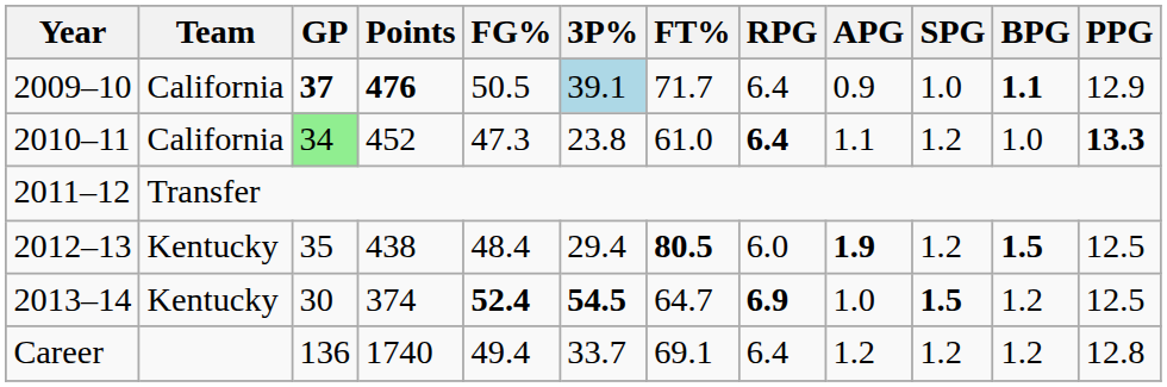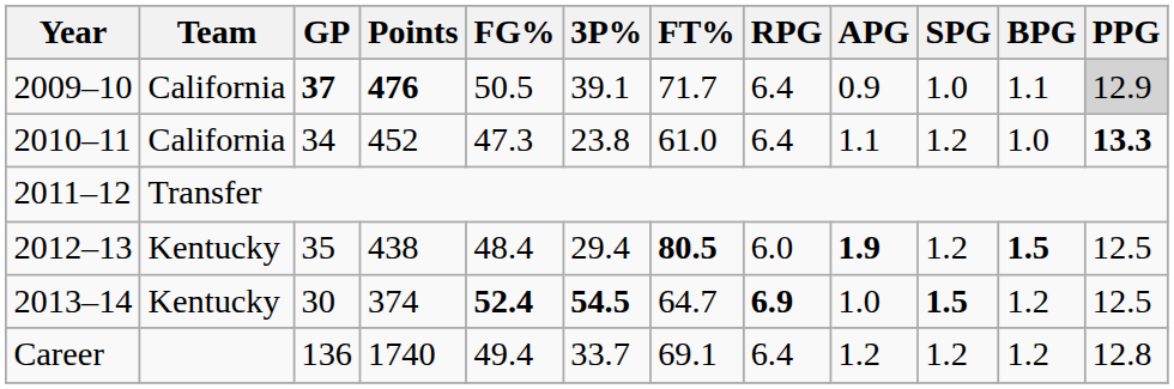 <table class="wikitable">
 <tr>
 <th>Year</th>
 <th>Team</th>
 <th>GP</th>
 <th>Points</th>
 <th>FG%</th>
 <th>3P%</th>
 <th>FT%</th>
 <th>RPG</th>
 <th>APG</th>
 <th>SPG</th>
 <th>BPG</th>
 <th>PPG</th>
 </tr>
 <tr>
 <td>2009–10</td>
 <td>California</td>
 <td><strong>37</strong></td>
 <td><strong>476</strong></td>
 <td>50.5</td>
-<td style="background: lightblue;">39.1</td>
+<td>39.1</td>
 <td>71.7</td>
 <td>6.4</td>
 <td>0.9</td>
 <td>1.0</td>
-<td><strong>1.1</strong></td>
-<td>12.9</td>
+<td>1.1</td>
+<td style="background: lightgrey;">12.9</td>
 </tr>
 <tr>
 <td>2010–11</td>
 <td>California</td>
-<td style="background: lightgreen;">34</td>
+<td>34</td>
 <td>452</td>
 <td>47.3</td>
 <td>23.8</td>
 <td>61.0</td>
-<td><strong>6.4</strong></td>
+<td>6.4</td>
 <td>1.1</td>
 <td>1.2</td>
 <td>1.0</td>
 <td><strong>13.3</strong></td>
 </tr>
 <tr>
 <td>2011–12</td>
 <td colspan="11">Transfer</td>
 </tr>
 <tr>
 <td>2012–13</td>
 <td>Kentucky</td>
 <td>35</td>
 <td>438</td>
 <td>48.4</td>
 <td>29.4</td>
 <td><strong>80.5</strong></td>
 <td>6.0</td>
 <td><strong>1.9</strong></td>
 <td>1.2</td>
 <td><strong>1.5</strong></td>
 <td>12.5</td>
 </tr>
 <tr>
 <td>2013–14</td>
 <td>Kentucky</td>
 <td>30</td>
 <td>374</td>
 <td><strong>52.4</strong></td>
 <td><strong>54.5</strong></td>
 <td>64.7</td>
 <td><strong>6.9</strong></td>
 <td>1.0</td>
 <td><strong>1.5</strong></td>
 <td>1.2</td>
 <td>12.5</td>
 </tr>
 <tr>
 <td>Career</td>
 <td></td>
 <td>136</td>
 <td>1740</td>
 <td>49.4</td>
 <td>33.7</td>
 <td>69.1</td>
 <td>6.4</td>
 <td>1.2</td>
 <td>1.2</td>
 <td>1.2</td>
 <td>12.8</td>
 </tr>
 </table>
